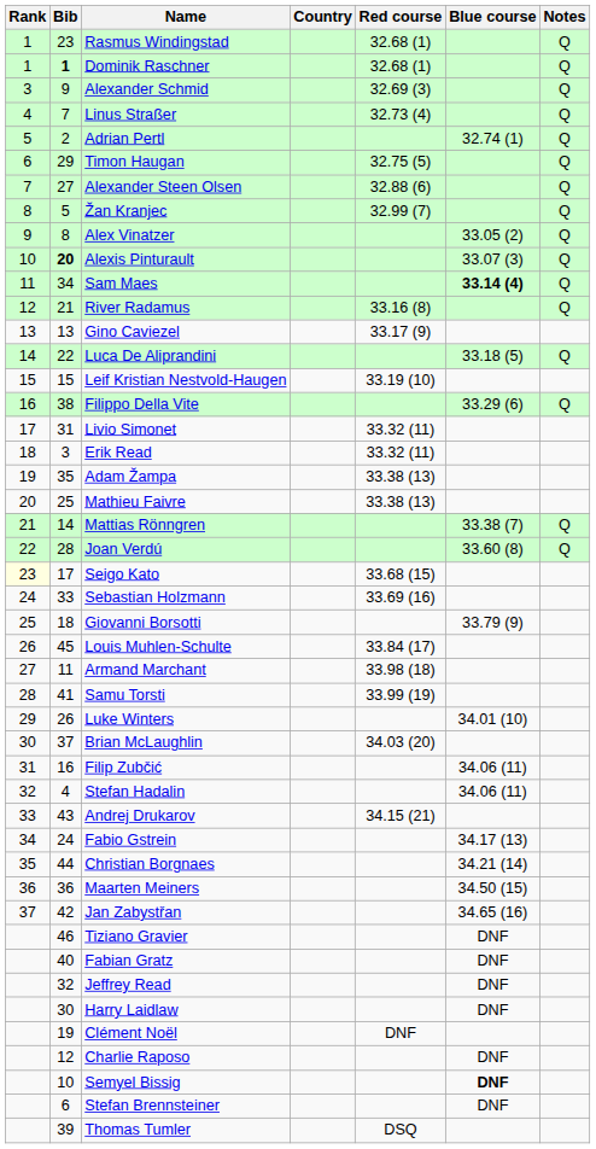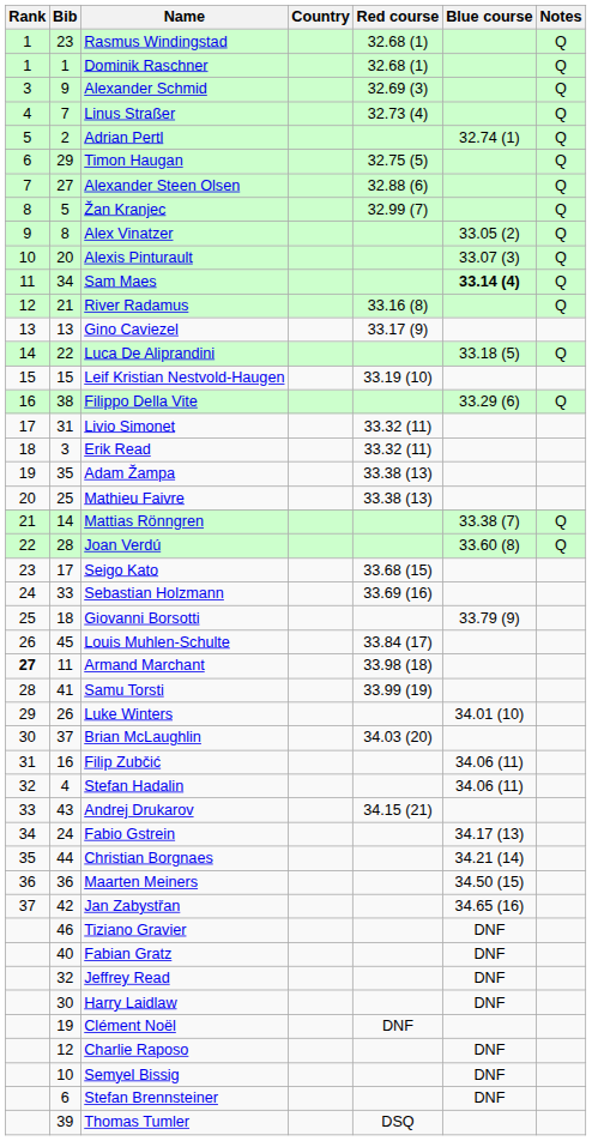 <table class="wikitable sortable" style="text-align:center">
 <tr>
 <th>Rank</th>
 <th>Bib</th>
 <th>Name</th>
 <th>Country</th>
 <th>Red course</th>
 <th>Blue course</th>
 <th>Notes</th>
 </tr>
 <tr bgcolor=ccffcc>
 <td>1</td>
 <td>23</td>
 <td align=left><a href='#'>Rasmus Windingstad</a></td>
 <td align=left></td>
 <td>32.68 (1)</td>
 <td></td>
 <td>Q</td>
 </tr>
 <tr bgcolor=ccffcc>
 <td>1</td>
-<td><strong>1</strong></td>
+<td>1</td>
 <td align=left><a href='#'>Dominik Raschner</a></td>
 <td align=left></td>
 <td>32.68 (1)</td>
 <td></td>
 <td>Q</td>
 </tr>
 <tr bgcolor=ccffcc>
 <td>3</td>
 <td>9</td>
 <td align=left><a href='#'>Alexander Schmid</a></td>
 <td align=left></td>
 <td>32.69 (3)</td>
 <td></td>
 <td>Q</td>
 </tr>
 <tr bgcolor=ccffcc>
 <td>4</td>
 <td>7</td>
 <td align=left><a href='#'>Linus Straßer</a></td>
 <td align=left></td>
 <td>32.73 (4)</td>
 <td></td>
 <td>Q</td>
 </tr>
 <tr bgcolor=ccffcc>
 <td>5</td>
 <td>2</td>
 <td align=left><a href='#'>Adrian Pertl</a></td>
 <td align=left></td>
 <td></td>
 <td>32.74 (1)</td>
 <td>Q</td>
 </tr>
 <tr bgcolor=ccffcc>
 <td>6</td>
 <td>29</td>
 <td align=left><a href='#'>Timon Haugan</a></td>
 <td align=left></td>
 <td>32.75 (5)</td>
 <td></td>
 <td>Q</td>
 </tr>
 <tr bgcolor=ccffcc>
 <td>7</td>
 <td>27</td>
 <td align=left><a href='#'>Alexander Steen Olsen</a></td>
 <td align=left></td>
 <td>32.88 (6)</td>
 <td></td>
 <td>Q</td>
 </tr>
 <tr bgcolor=ccffcc>
 <td>8</td>
 <td>5</td>
 <td align=left><a href='#'>Žan Kranjec</a></td>
 <td align=left></td>
 <td>32.99 (7)</td>
 <td></td>
 <td>Q</td>
 </tr>
 <tr bgcolor=ccffcc>
 <td>9</td>
 <td>8</td>
 <td align=left><a href='#'>Alex Vinatzer</a></td>
 <td align=left></td>
 <td></td>
 <td>33.05 (2)</td>
 <td>Q</td>
 </tr>
 <tr bgcolor=ccffcc>
 <td>10</td>
-<td><strong>20</strong></td>
+<td>20</td>
 <td align=left><a href='#'>Alexis Pinturault</a></td>
 <td align=left></td>
 <td></td>
 <td>33.07 (3)</td>
 <td>Q</td>
 </tr>
 <tr bgcolor=ccffcc>
 <td>11</td>
 <td>34</td>
 <td align=left><a href='#'>Sam Maes</a></td>
 <td align=left></td>
 <td></td>
 <td><strong>33.14 (4)</strong></td>
 <td>Q</td>
 </tr>
 <tr bgcolor=ccffcc>
 <td>12</td>
 <td>21</td>
 <td align=left><a href='#'>River Radamus</a></td>
 <td align=left></td>
 <td>33.16 (8)</td>
 <td></td>
 <td>Q</td>
 </tr>
 <tr>
 <td>13</td>
 <td>13</td>
 <td align=left><a href='#'>Gino Caviezel</a></td>
 <td align=left> </td>
 <td>33.17 (9)</td>
 <td></td>
 <td></td>
 </tr>
 <tr bgcolor=ccffcc>
 <td>14</td>
 <td>22</td>
 <td align=left><a href='#'>Luca De Aliprandini</a></td>
 <td align=left></td>
 <td></td>
 <td>33.18 (5)</td>
 <td>Q</td>
 </tr>
 <tr>
 <td>15</td>
 <td>15</td>
 <td align=left><a href='#'>Leif Kristian Nestvold-Haugen</a></td>
 <td align=left></td>
 <td>33.19 (10)</td>
 <td></td>
 <td></td>
 </tr>
 <tr bgcolor=ccffcc>
 <td>16</td>
 <td>38</td>
 <td align=left><a href='#'>Filippo Della Vite</a></td>
 <td align=left></td>
 <td></td>
 <td>33.29 (6)</td>
 <td>Q</td>
 </tr>
 <tr>
 <td>17</td>
 <td>31</td>
 <td align=left><a href='#'>Livio Simonet</a></td>
 <td align=left> </td>
 <td>33.32 (11)</td>
 <td></td>
 <td></td>
 </tr>
 <tr>
 <td>18</td>
 <td>3</td>
 <td align=left><a href='#'>Erik Read</a></td>
 <td align=left></td>
 <td>33.32 (11)</td>
 <td></td>
 <td></td>
 </tr>
 <tr>
 <td>19</td>
 <td>35</td>
 <td align=left><a href='#'>Adam Žampa</a></td>
 <td align=left></td>
 <td>33.38 (13)</td>
 <td></td>
 <td></td>
 </tr>
 <tr>
 <td>20</td>
 <td>25</td>
 <td align=left><a href='#'>Mathieu Faivre</a></td>
 <td align=left></td>
 <td>33.38 (13)</td>
 <td></td>
 <td></td>
 </tr>
 <tr bgcolor=ccffcc>
 <td>21</td>
 <td>14</td>
 <td align=left><a href='#'>Mattias Rönngren</a></td>
 <td align=left></td>
 <td></td>
 <td>33.38 (7)</td>
 <td>Q</td>
 </tr>
 <tr bgcolor=ccffcc>
 <td>22</td>
 <td>28</td>
 <td align=left><a href='#'>Joan Verdú</a></td>
 <td align=left></td>
 <td></td>
 <td>33.60 (8)</td>
 <td>Q</td>
 </tr>
 <tr>
-<td style="background: lightyellow;">23</td>
+<td>23</td>
 <td>17</td>
 <td align=left><a href='#'>Seigo Kato</a></td>
 <td align=left></td>
 <td>33.68 (15)</td>
 <td></td>
 <td></td>
 </tr>
 <tr>
 <td>24</td>
 <td>33</td>
 <td align=left><a href='#'>Sebastian Holzmann</a></td>
 <td align=left></td>
 <td>33.69 (16)</td>
 <td></td>
 <td></td>
 </tr>
 <tr>
 <td>25</td>
 <td>18</td>
 <td align=left><a href='#'>Giovanni Borsotti</a></td>
 <td align=left></td>
 <td></td>
 <td>33.79 (9)</td>
 <td></td>
 </tr>
 <tr>
 <td>26</td>
 <td>45</td>
 <td align=left><a href='#'>Louis Muhlen-Schulte</a></td>
 <td align=left></td>
 <td>33.84 (17)</td>
 <td></td>
 <td></td>
 </tr>
 <tr>
-<td>27</td>
+<td><strong>27</strong></td>
 <td>11</td>
 <td align=left><a href='#'>Armand Marchant</a></td>
 <td align=left></td>
 <td>33.98 (18)</td>
 <td></td>
 <td></td>
 </tr>
 <tr>
 <td>28</td>
 <td>41</td>
 <td align=left><a href='#'>Samu Torsti</a></td>
 <td align=left></td>
 <td>33.99 (19)</td>
 <td></td>
 <td></td>
 </tr>
 <tr>
 <td>29</td>
 <td>26</td>
 <td align=left><a href='#'>Luke Winters</a></td>
 <td align=left></td>
 <td></td>
 <td>34.01 (10)</td>
 <td></td>
 </tr>
 <tr>
 <td>30</td>
 <td>37</td>
 <td align=left><a href='#'>Brian McLaughlin</a></td>
 <td align=left></td>
 <td>34.03 (20)</td>
 <td></td>
 <td></td>
 </tr>
 <tr>
 <td>31</td>
 <td>16</td>
 <td align=left><a href='#'>Filip Zubčić</a></td>
 <td align=left></td>
 <td></td>
 <td>34.06 (11)</td>
 <td></td>
 </tr>
 <tr>
 <td>32</td>
 <td>4</td>
 <td align=left><a href='#'>Stefan Hadalin</a></td>
 <td align=left></td>
 <td></td>
 <td>34.06 (11)</td>
 <td></td>
 </tr>
 <tr>
 <td>33</td>
 <td>43</td>
 <td align=left><a href='#'>Andrej Drukarov</a></td>
 <td align=left></td>
 <td>34.15 (21)</td>
 <td></td>
 <td></td>
 </tr>
 <tr>
 <td>34</td>
 <td>24</td>
 <td align=left><a href='#'>Fabio Gstrein</a></td>
 <td align=left></td>
 <td></td>
 <td>34.17 (13)</td>
 <td></td>
 </tr>
 <tr>
 <td>35</td>
 <td>44</td>
 <td align=left><a href='#'>Christian Borgnaes</a></td>
 <td align=left></td>
 <td></td>
 <td>34.21 (14)</td>
 <td></td>
 </tr>
 <tr>
 <td>36</td>
 <td>36</td>
 <td align=left><a href='#'>Maarten Meiners</a></td>
 <td align=left></td>
 <td></td>
 <td>34.50 (15)</td>
 <td></td>
 </tr>
 <tr>
 <td>37</td>
 <td>42</td>
 <td align=left><a href='#'>Jan Zabystřan</a></td>
 <td align=left></td>
 <td></td>
 <td>34.65 (16)</td>
 <td></td>
 </tr>
 <tr>
 <td></td>
 <td>46</td>
 <td align=left><a href='#'>Tiziano Gravier</a></td>
 <td align=left></td>
 <td></td>
 <td>DNF</td>
 <td></td>
 </tr>
 <tr>
 <td></td>
 <td>40</td>
 <td align=left><a href='#'>Fabian Gratz</a></td>
 <td align=left></td>
 <td></td>
 <td>DNF</td>
 <td></td>
 </tr>
 <tr>
 <td></td>
 <td>32</td>
 <td align=left><a href='#'>Jeffrey Read</a></td>
 <td align=left></td>
 <td></td>
 <td>DNF</td>
 <td></td>
 </tr>
 <tr>
 <td></td>
 <td>30</td>
 <td align=left><a href='#'>Harry Laidlaw</a></td>
 <td align=left></td>
 <td></td>
 <td>DNF</td>
 <td></td>
 </tr>
 <tr>
 <td></td>
 <td>19</td>
 <td align=left><a href='#'>Clément Noël</a></td>
 <td align=left></td>
 <td>DNF</td>
 <td></td>
 <td></td>
 </tr>
 <tr>
 <td></td>
 <td>12</td>
 <td align=left><a href='#'>Charlie Raposo</a></td>
 <td align=left></td>
 <td></td>
 <td>DNF</td>
 <td></td>
 </tr>
 <tr>
 <td></td>
 <td>10</td>
 <td align=left><a href='#'>Semyel Bissig</a></td>
 <td align=left> </td>
 <td></td>
-<td><strong>DNF</strong></td>
+<td>DNF</td>
 <td></td>
 </tr>
 <tr>
 <td></td>
 <td>6</td>
 <td align=left><a href='#'>Stefan Brennsteiner</a></td>
 <td align=left></td>
 <td></td>
 <td>DNF</td>
 <td></td>
 </tr>
 <tr>
 <td></td>
 <td>39</td>
 <td align=left><a href='#'>Thomas Tumler</a></td>
 <td align=left> </td>
 <td>DSQ</td>
 <td></td>
 <td></td>
 </tr>
 </table>
